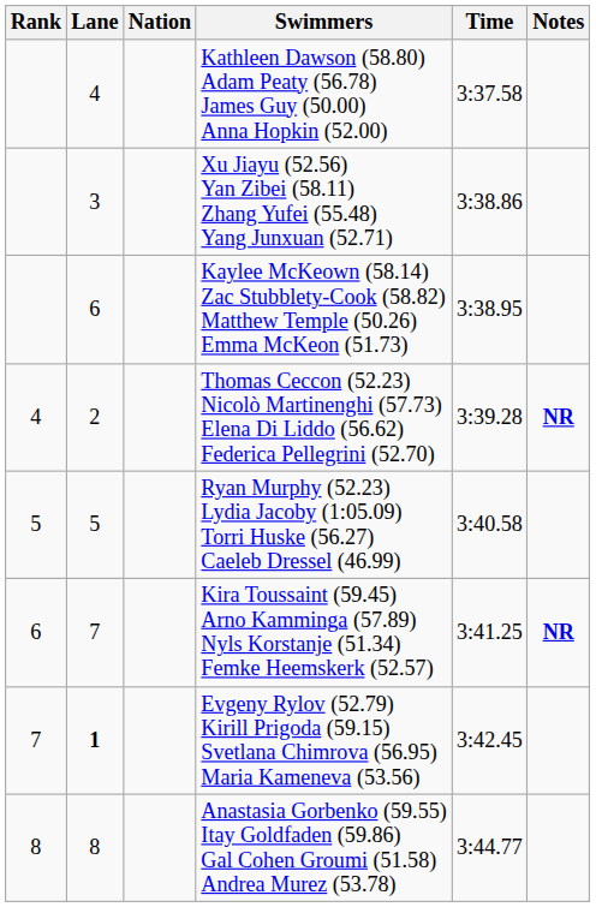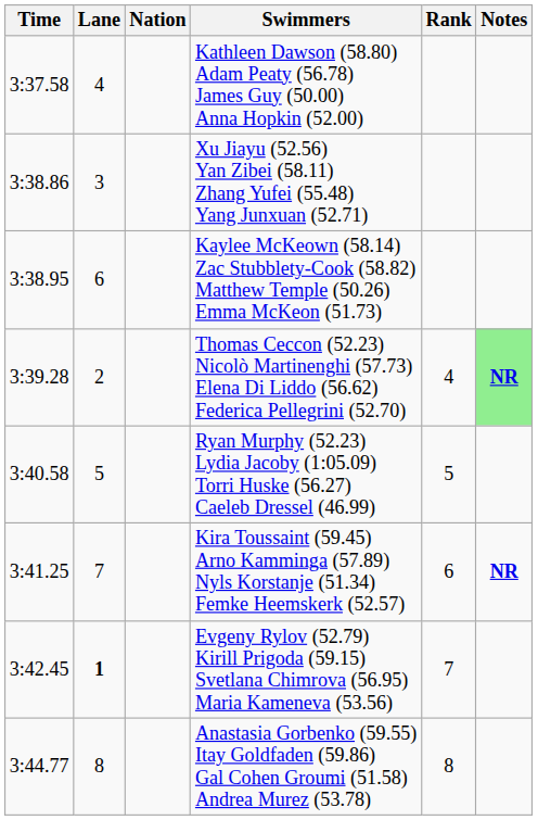 <table class="wikitable sortable" style="text-align:center">
 <tr>
-<th>Rank</th>
+<th>Time</th>
 <th>Lane</th>
 <th>Nation</th>
 <th>Swimmers</th>
-<th>Time</th>
+<th>Rank</th>
 <th>Notes</th>
 </tr>
 <tr>
-<td></td>
+<td>3:37.58</td>
 <td>4</td>
 <td align=left></td>
 <td align=left><a href='#'>Kathleen Dawson</a> (58.80) <br><a href='#'>Adam Peaty</a> (56.78)<br><a href='#'>James Guy</a> (50.00)<br><a href='#'>Anna Hopkin</a> (52.00)</td>
-<td>3:37.58</td>
+<td></td>
 <td></td>
 </tr>
 <tr>
-<td></td>
+<td>3:38.86</td>
 <td>3</td>
 <td align=left></td>
 <td align=left><a href='#'>Xu Jiayu</a> (52.56)<br><a href='#'>Yan Zibei</a> (58.11)<br><a href='#'>Zhang Yufei</a> (55.48)<br><a href='#'>Yang Junxuan</a> (52.71)</td>
-<td>3:38.86</td>
+<td></td>
 <td></td>
 </tr>
 <tr>
-<td></td>
+<td>3:38.95</td>
 <td>6</td>
 <td align=left></td>
 <td align=left><a href='#'>Kaylee McKeown</a> (58.14)<br><a href='#'>Zac Stubblety-Cook</a> (58.82)<br><a href='#'>Matthew Temple</a> (50.26)<br><a href='#'>Emma McKeon</a> (51.73)</td>
-<td>3:38.95</td>
+<td></td>
 <td></td>
 </tr>
 <tr>
-<td>4</td>
+<td>3:39.28</td>
 <td>2</td>
 <td align=left></td>
 <td align=left><a href='#'>Thomas Ceccon</a> (52.23)<br><a href='#'>Nicolò Martinenghi</a> (57.73)<br><a href='#'>Elena Di Liddo</a> (56.62)<br><a href='#'>Federica Pellegrini</a> (52.70)</td>
-<td>3:39.28</td>
+<td>4</td>
+<td style="background: lightgreen;"><strong><a href='#'>NR</a></strong></td>
+</tr>
+<tr>
+<td>3:40.58</td>
+<td>5</td>
+<td align=left></td>
+<td align=left><a href='#'>Ryan Murphy</a> (52.23)<br><a href='#'>Lydia Jacoby</a> (1:05.09)<br><a href='#'>Torri Huske</a> (56.27)<br><a href='#'>Caeleb Dressel</a> (46.99)</td>
+<td>5</td>
+<td></td>
+</tr>
+<tr>
+<td>3:41.25</td>
+<td>7</td>
+<td align=left></td>
+<td align=left><a href='#'>Kira Toussaint</a> (59.45)<br><a href='#'>Arno Kamminga</a> (57.89)<br><a href='#'>Nyls Korstanje</a> (51.34)<br><a href='#'>Femke Heemskerk</a> (52.57)</td>
+<td>6</td>
 <td><strong><a href='#'>NR</a></strong></td>
 </tr>
 <tr>
-<td>5</td>
-<td>5</td>
+<td>3:42.45</td>
+<td><strong>1</strong></td>
 <td align=left></td>
-<td align=left><a href='#'>Ryan Murphy</a> (52.23)<br><a href='#'>Lydia Jacoby</a> (1:05.09)<br><a href='#'>Torri Huske</a> (56.27)<br><a href='#'>Caeleb Dressel</a> (46.99)</td>
-<td>3:40.58</td>
+<td align=left><a href='#'>Evgeny Rylov</a> (52.79)<br><a href='#'>Kirill Prigoda</a> (59.15)<br><a href='#'>Svetlana Chimrova</a> (56.95)<br><a href='#'>Maria Kameneva</a> (53.56)</td>
+<td>7</td>
 <td></td>
 </tr>
 <tr>
-<td>6</td>
-<td>7</td>
-<td align=left></td>
-<td align=left><a href='#'>Kira Toussaint</a> (59.45)<br><a href='#'>Arno Kamminga</a> (57.89)<br><a href='#'>Nyls Korstanje</a> (51.34)<br><a href='#'>Femke Heemskerk</a> (52.57)</td>
-<td>3:41.25</td>
-<td><strong><a href='#'>NR</a></strong></td>
-</tr>
-<tr>
-<td>7</td>
-<td><strong>1</strong></td>
-<td align=left></td>
-<td align=left><a href='#'>Evgeny Rylov</a> (52.79)<br><a href='#'>Kirill Prigoda</a> (59.15)<br><a href='#'>Svetlana Chimrova</a> (56.95)<br><a href='#'>Maria Kameneva</a> (53.56)</td>
-<td>3:42.45</td>
-<td></td>
-</tr>
-<tr>
-<td>8</td>
+<td>3:44.77</td>
 <td>8</td>
 <td align=left></td>
 <td align=left><a href='#'>Anastasia Gorbenko</a> (59.55)<br><a href='#'>Itay Goldfaden</a> (59.86)<br><a href='#'>Gal Cohen Groumi</a> (51.58) <br><a href='#'>Andrea Murez</a> (53.78)</td>
-<td>3:44.77</td>
+<td>8</td>
 <td></td>
 </tr>
 </table>
